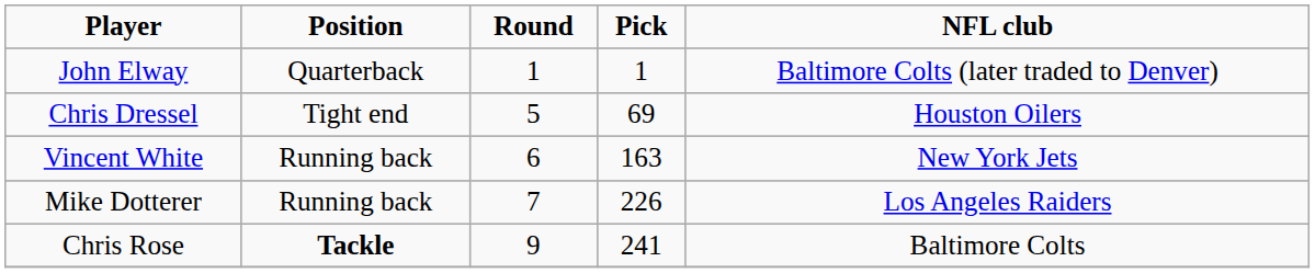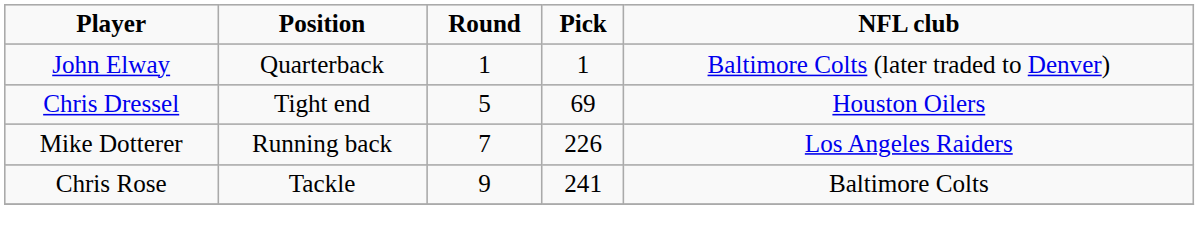 <table class="wikitable" width="60%">
 <tr align="center">
 <td><strong>Player</strong></td>
 <td><strong>Position</strong></td>
 <td><strong>Round</strong></td>
 <td><strong>Pick</strong></td>
 <td><strong>NFL club</strong></td>
 </tr>
 <tr align="center" bgcolor="">
 <td><a href='#'>John Elway</a></td>
 <td>Quarterback</td>
 <td>1</td>
 <td>1</td>
 <td><a href='#'>Baltimore Colts</a> (later traded to <a href='#'>Denver</a>)</td>
 </tr>
 <tr align="center" bgcolor="">
 <td><a href='#'>Chris Dressel</a></td>
 <td>Tight end</td>
 <td>5</td>
 <td>69</td>
 <td><a href='#'>Houston Oilers</a></td>
 </tr>
 <tr align="center" bgcolor="">
-<td><a href='#'>Vincent White</a></td>
-<td>Running back</td>
-<td>6</td>
-<td>163</td>
-<td><a href='#'>New York Jets</a></td>
-</tr>
-<tr align="center" bgcolor="">
 <td>Mike Dotterer</td>
 <td>Running back</td>
 <td>7</td>
 <td>226</td>
 <td><a href='#'>Los Angeles Raiders</a></td>
 </tr>
 <tr align="center" bgcolor="">
 <td>Chris Rose</td>
-<td><strong>Tackle</strong></td>
+<td>Tackle</td>
 <td>9</td>
 <td>241</td>
 <td>Baltimore Colts</td>
 </tr>
 <tr align="center" bgcolor="">
 </tr>
 </table>
